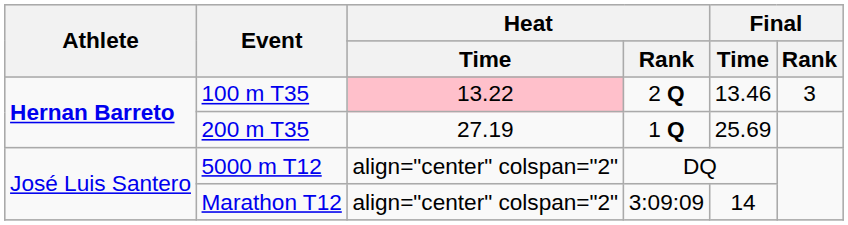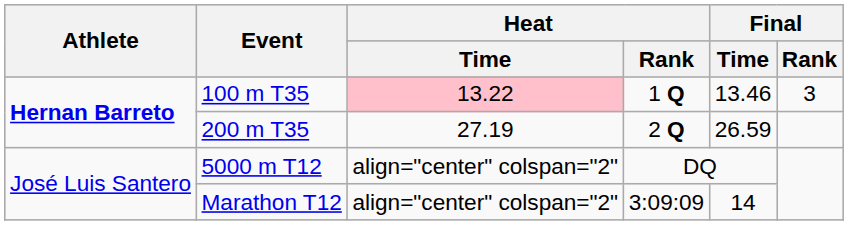 <table class=wikitable style="font-size:90%">
 <tr>
 <th rowspan="2">Athlete</th>
 <th rowspan="2">Event</th>
 <th colspan="2">Heat</th>
 <th colspan="2">Final</th>
 </tr>
 <tr>
 <th>Time</th>
 <th>Rank</th>
 <th>Time</th>
 <th>Rank</th>
 </tr>
 <tr>
 <td rowspan="2"><strong><a href='#'>Hernan Barreto</a></strong></td>
 <td><a href='#'>100 m T35</a></td>
 <td align="center" style="background: pink;">13.22</td>
-<td align="center">2 <strong>Q</strong></td>
+<td align="center">1 <strong>Q</strong></td>
 <td align="center">13.46</td>
 <td align="center">3</td>
 </tr>
 <tr>
 <td><a href='#'>200 m T35</a></td>
 <td align="center">27.19</td>
-<td align="center">1 <strong>Q</strong></td>
-<td align="center">25.69</td>
+<td align="center">2 <strong>Q</strong></td>
+<td align="center">26.59</td>
 <td align="center"></td>
 </tr>
 <tr>
 <td rowspan="2"><a href='#'>José Luis Santero</a></td>
 <td><a href='#'>5000 m T12</a></td>
 <td>align="center" colspan="2" </td>
 <td align="center" colspan=2>DQ</td>
 </tr>
 <tr>
 <td><a href='#'>Marathon T12</a></td>
 <td>align="center" colspan="2" </td>
 <td align="center">3:09:09</td>
 <td align="center">14</td>
 </tr>
 </table>
